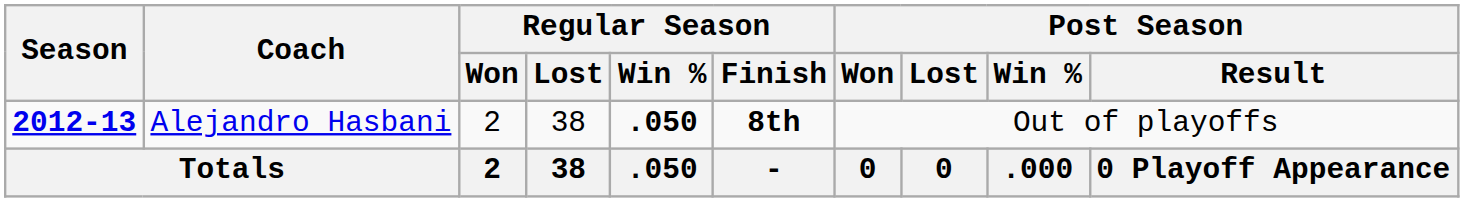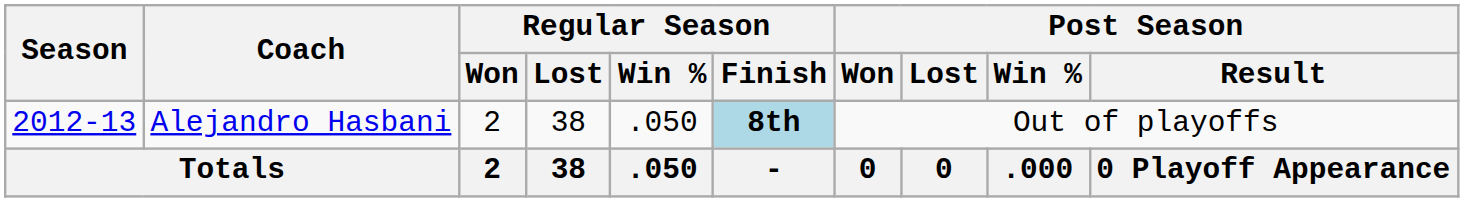 <table class="wikitable" style="font-size: 95%; text-align:center;">
 <tr>
 <th rowspan="2">Season</th>
 <th rowspan="2">Coach</th>
 <th colspan="4">Regular Season</th>
 <th colspan="4">Post Season</th>
 </tr>
 <tr>
 <th>Won</th>
 <th>Lost</th>
 <th>Win %</th>
 <th>Finish</th>
 <th>Won</th>
 <th>Lost</th>
 <th>Win %</th>
 <th>Result</th>
 </tr>
 <tr>
-<td><strong><a href='#'>2012-13</a></strong></td>
+<td><a href='#'>2012-13</a></td>
 <td><a href='#'>Alejandro Hasbani</a></td>
 <td>2</td>
 <td>38</td>
-<td><strong>.050</strong></td>
-<td><strong>8th</strong></td>
+<td>.050</td>
+<td style="background: lightblue;"><strong>8th</strong></td>
 <td colspan="4">Out of playoffs</td>
 </tr>
 <tr>
 <th colspan="2">Totals</th>
 <th>2</th>
 <th>38</th>
 <th>.050</th>
 <th>-</th>
 <th>0</th>
 <th>0</th>
 <th>.000</th>
 <th>0 Playoff Appearance</th>
 </tr>
 </table>
